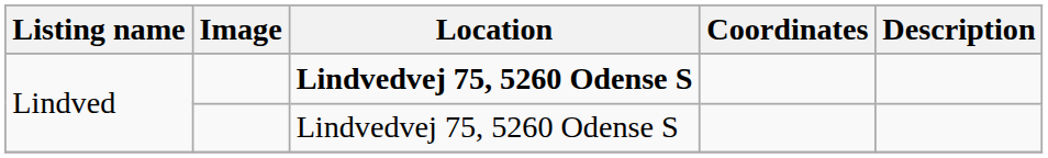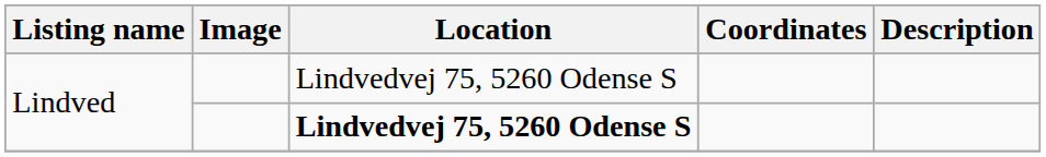 <table class="wikitable sortable">
 <tr>
 <th>Listing name</th>
 <th>Image</th>
 <th>Location</th>
 <th>Coordinates</th>
 <th>Description</th>
 </tr>
 <tr>
 <td rowspan="2">Lindved</td>
 <td></td>
-<td><strong>Lindvedvej 75, 5260 Odense S</strong></td>
+<td>Lindvedvej 75, 5260 Odense S</td>
 <td></td>
 <td></td>
 </tr>
 <tr>
 <td></td>
-<td>Lindvedvej 75, 5260 Odense S</td>
+<td><strong>Lindvedvej 75, 5260 Odense S</strong></td>
 <td></td>
 <td></td>
 </tr>
 <tr>
 </tr>
 </table>
